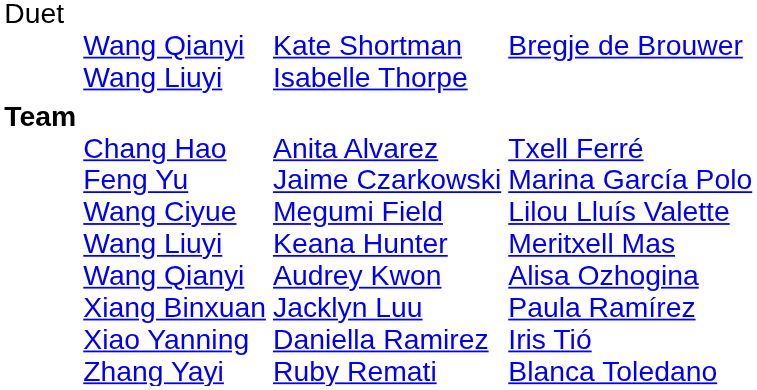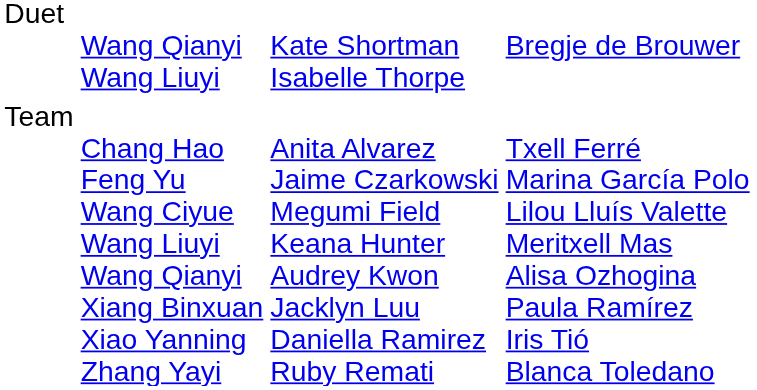 <table>
 <tr valign=top>
 <td>Duet<br></td>
 <td><br><a href='#'>Wang Qianyi</a><br><a href='#'>Wang Liuyi</a></td>
 <td><br><a href='#'>Kate Shortman</a><br><a href='#'>Isabelle Thorpe</a></td>
 <td><br><a href='#'>Bregje de Brouwer</a><br></td>
 </tr>
 <tr valign=top>
-<td><strong>Team<br></strong></td>
+<td>Team<br></td>
 <td nowrap><br><a href='#'>Chang Hao</a><br><a href='#'>Feng Yu</a><br><a href='#'>Wang Ciyue</a><br><a href='#'>Wang Liuyi</a><br><a href='#'>Wang Qianyi</a><br><a href='#'>Xiang Binxuan</a><br><a href='#'>Xiao Yanning</a><br><a href='#'>Zhang Yayi</a></td>
 <td nowrap><br><a href='#'>Anita Alvarez</a><br><a href='#'>Jaime Czarkowski</a><br><a href='#'>Megumi Field</a><br><a href='#'>Keana Hunter</a><br><a href='#'>Audrey Kwon</a><br><a href='#'>Jacklyn Luu</a><br><a href='#'>Daniella Ramirez</a><br><a href='#'>Ruby Remati</a></td>
 <td nowrap><br><a href='#'>Txell Ferré</a><br><a href='#'>Marina García Polo</a><br><a href='#'>Lilou Lluís Valette</a><br><a href='#'>Meritxell Mas</a><br><a href='#'>Alisa Ozhogina</a><br><a href='#'>Paula Ramírez</a><br><a href='#'>Iris Tió</a><br><a href='#'>Blanca Toledano</a></td>
 </tr>
 </table>
